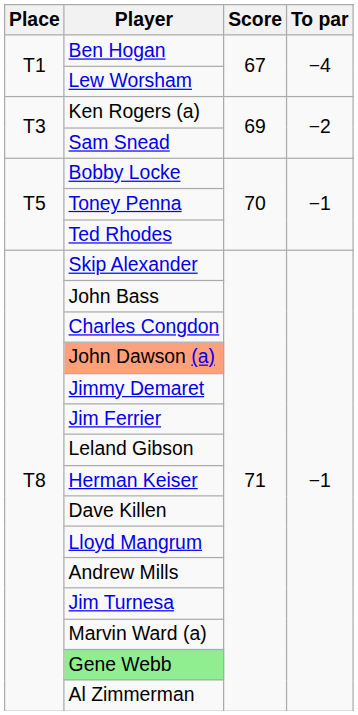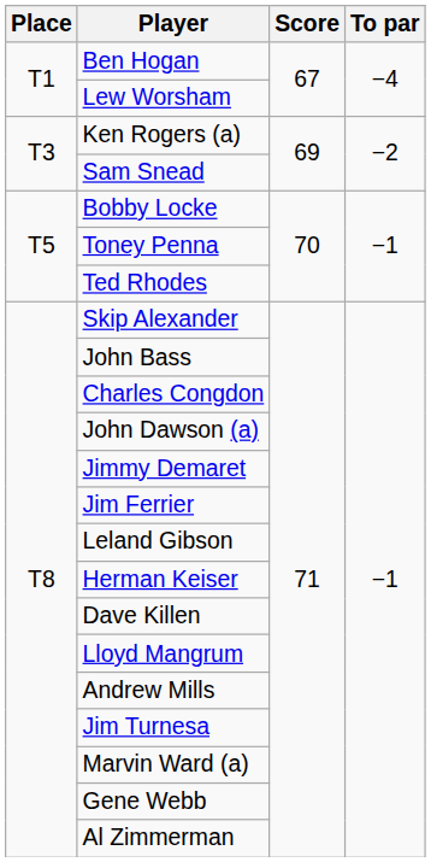 <table class=wikitable>
 <tr>
 <th>Place</th>
 <th>Player</th>
 <th>Score</th>
 <th>To par</th>
 </tr>
 <tr>
 <td rowspan=2 align=center>T1</td>
 <td> <a href='#'>Ben Hogan</a></td>
 <td rowspan=2 align=center>67</td>
 <td rowspan=2 align=center>−4</td>
 </tr>
 <tr>
 <td> <a href='#'>Lew Worsham</a></td>
 </tr>
 <tr>
 <td rowspan=2 align=center>T3</td>
 <td> Ken Rogers (a)</td>
 <td rowspan=2 align=center>69</td>
 <td rowspan=2 align=center>−2</td>
 </tr>
 <tr>
 <td> <a href='#'>Sam Snead</a></td>
 </tr>
 <tr>
 <td rowspan=3 align=center>T5</td>
 <td> <a href='#'>Bobby Locke</a></td>
 <td rowspan=3 align=center>70</td>
 <td rowspan=3 align=center>−1</td>
 </tr>
 <tr>
 <td> <a href='#'>Toney Penna</a></td>
 </tr>
 <tr>
 <td> <a href='#'>Ted Rhodes</a></td>
 </tr>
 <tr>
 <td rowspan=15 align=center>T8</td>
 <td> <a href='#'>Skip Alexander</a></td>
 <td rowspan=15 align=center>71</td>
 <td rowspan=15 align=center>−1</td>
 </tr>
 <tr>
 <td> John Bass</td>
 </tr>
 <tr>
 <td> <a href='#'>Charles Congdon</a></td>
 </tr>
 <tr>
-<td style="background: lightsalmon;"> John Dawson <a href='#'>(a)</a></td>
+<td> John Dawson <a href='#'>(a)</a></td>
 </tr>
 <tr>
 <td> <a href='#'>Jimmy Demaret</a></td>
 </tr>
 <tr>
 <td> <a href='#'>Jim Ferrier</a></td>
 </tr>
 <tr>
 <td> Leland Gibson</td>
 </tr>
 <tr>
 <td> <a href='#'>Herman Keiser</a></td>
 </tr>
 <tr>
 <td> Dave Killen</td>
 </tr>
 <tr>
 <td> <a href='#'>Lloyd Mangrum</a></td>
 </tr>
 <tr>
 <td> Andrew Mills</td>
 </tr>
 <tr>
 <td> <a href='#'>Jim Turnesa</a></td>
 </tr>
 <tr>
 <td> Marvin Ward (a)</td>
 </tr>
 <tr>
-<td style="background: lightgreen;"> Gene Webb</td>
+<td> Gene Webb</td>
 </tr>
 <tr>
 <td> Al Zimmerman</td>
 </tr>
 </table>
